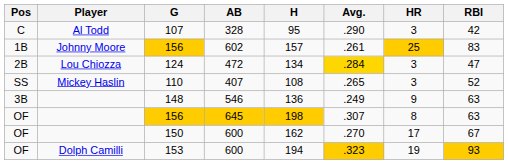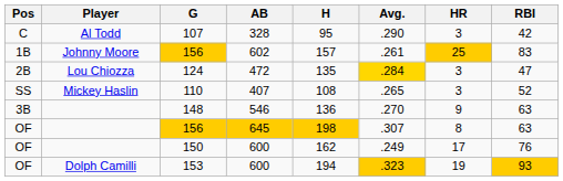 <table class="wikitable sortable">
 <tr>
 <th bgcolor="#DDDDFF" width="5%">Pos</th>
 <th bgcolor="#DDDDFF" width="16%">Player</th>
 <th bgcolor="#DDDDFF" width="9%">G</th>
 <th bgcolor="#DDDDFF" width="9%">AB</th>
 <th bgcolor="#DDDDFF" width="9%">H</th>
 <th bgcolor="#DDDDFF" width="9%">Avg.</th>
 <th bgcolor="#DDDDFF" width="9%">HR</th>
 <th bgcolor="#DDDDFF" width="9%">RBI</th>
 </tr>
 <tr align="center">
 <td>C</td>
 <td><a href='#'>Al Todd</a></td>
 <td>107</td>
 <td>328</td>
 <td>95</td>
 <td>.290</td>
 <td>3</td>
 <td>42</td>
 </tr>
 <tr align=center>
 <td>1B</td>
 <td><a href='#'>Johnny Moore</a></td>
 <td style="background:#fc0;">156</td>
 <td>602</td>
 <td>157</td>
 <td>.261</td>
 <td style="background:#fc0;">25</td>
 <td>83</td>
 </tr>
 <tr align=center>
 <td>2B</td>
 <td><a href='#'>Lou Chiozza</a></td>
 <td>124</td>
 <td>472</td>
-<td>134</td>
+<td>135</td>
 <td style="background: gold;">.284</td>
 <td>3</td>
 <td>47</td>
 </tr>
 <tr align=center>
 <td>SS</td>
 <td><a href='#'>Mickey Haslin</a></td>
 <td>110</td>
 <td>407</td>
 <td>108</td>
 <td>.265</td>
 <td>3</td>
 <td>52</td>
 </tr>
 <tr align=center>
 <td>3B</td>
 <td></td>
 <td>148</td>
 <td>546</td>
 <td>136</td>
-<td>.249</td>
+<td>.270</td>
 <td>9</td>
 <td>63</td>
 </tr>
 <tr align="center">
 <td>OF</td>
 <td></td>
 <td style="background:#fc0;">156</td>
 <td style="background:#fc0;">645</td>
 <td style="background:#fc0;">198</td>
 <td>.307</td>
 <td>8</td>
 <td>63</td>
 </tr>
 <tr align="center">
 <td>OF</td>
 <td></td>
 <td>150</td>
 <td>600</td>
 <td>162</td>
-<td>.270</td>
+<td>.249</td>
 <td>17</td>
-<td>67</td>
+<td>76</td>
 </tr>
 <tr align="center">
 <td>OF</td>
 <td><a href='#'>Dolph Camilli</a></td>
 <td>153</td>
 <td>600</td>
 <td>194</td>
 <td style="background:#fc0;">.323</td>
 <td>19</td>
 <td style="background:#fc0;">93</td>
 </tr>
 </table>
